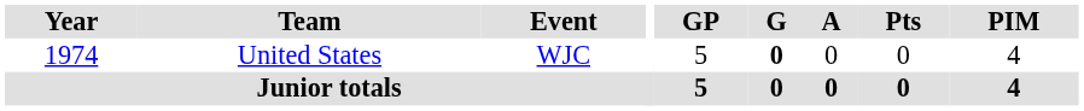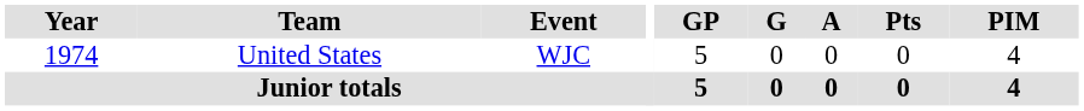 <table border="0" cellpadding="1" cellspacing="0" ID="Table3" style="text-align:center; width:40em">
 <tr bgcolor="#e0e0e0">
 <th>Year</th>
 <th>Team</th>
 <th>Event</th>
 <th rowspan="102" bgcolor="#ffffff"></th>
 <th>GP</th>
 <th>G</th>
 <th>A</th>
 <th>Pts</th>
 <th>PIM</th>
 </tr>
 <tr>
 <td><a href='#'>1974</a></td>
 <td><a href='#'>United States</a></td>
 <td><a href='#'>WJC</a></td>
 <td>5</td>
-<td><strong>0</strong></td>
+<td>0</td>
 <td>0</td>
 <td>0</td>
 <td>4</td>
 </tr>
 <tr bgcolor="#e0e0e0">
 <th colspan="4">Junior totals</th>
 <th>5</th>
 <th>0</th>
 <th>0</th>
 <th>0</th>
 <th>4</th>
 </tr>
 </table>
